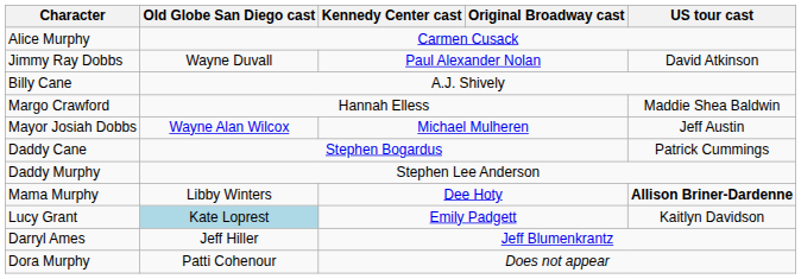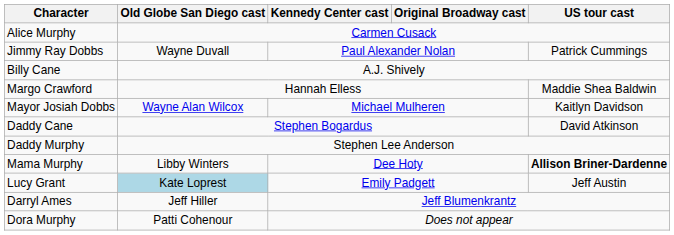 <table class="wikitable">
 <tr>
 <th>Character</th>
 <th>Old Globe San Diego cast</th>
 <th>Kennedy Center cast</th>
 <th>Original Broadway cast</th>
 <th>US tour cast</th>
 </tr>
 <tr>
 <td>Alice Murphy</td>
 <td colspan="4" align=center><a href='#'>Carmen Cusack</a></td>
 </tr>
 <tr>
 <td>Jimmy Ray Dobbs</td>
 <td align=center>Wayne Duvall</td>
 <td colspan="2" align="center"><a href='#'>Paul Alexander Nolan</a></td>
-<td align=center>David Atkinson</td>
+<td align="center">Patrick Cummings</td>
 </tr>
 <tr>
 <td>Billy Cane</td>
 <td colspan="4" align=center>A.J. Shively</td>
 </tr>
 <tr>
 <td>Margo Crawford</td>
 <td colspan="3" align="center">Hannah Elless</td>
 <td align="center">Maddie Shea Baldwin</td>
 </tr>
 <tr>
 <td>Mayor Josiah Dobbs</td>
 <td align="center"><a href='#'>Wayne Alan Wilcox</a></td>
 <td colspan="2" align=center><a href='#'>Michael Mulheren</a></td>
-<td align=center>Jeff Austin</td>
+<td align=center>Kaitlyn Davidson</td>
 </tr>
 <tr>
 <td>Daddy Cane</td>
 <td colspan="3" align=center><a href='#'>Stephen Bogardus</a></td>
-<td align="center">Patrick Cummings</td>
+<td align=center>David Atkinson</td>
 </tr>
 <tr>
 <td>Daddy Murphy</td>
 <td colspan="4" align="center">Stephen Lee Anderson</td>
 </tr>
 <tr>
 <td>Mama Murphy</td>
 <td align="center">Libby Winters</td>
 <td colspan="2" align=center><a href='#'>Dee Hoty</a></td>
 <td align=center><strong>Allison Briner-Dardenne</strong></td>
 </tr>
 <tr>
 <td>Lucy Grant</td>
 <td align=center style="background: lightblue;">Kate Loprest</td>
 <td colspan="2" align="center"><a href='#'>Emily Padgett</a></td>
-<td align=center>Kaitlyn Davidson</td>
+<td align=center>Jeff Austin</td>
 </tr>
 <tr>
 <td>Darryl Ames</td>
 <td align=center>Jeff Hiller</td>
 <td colspan="3" align="center"><a href='#'>Jeff Blumenkrantz</a></td>
 </tr>
 <tr>
 <td>Dora Murphy</td>
 <td align=center>Patti Cohenour</td>
 <td colspan="3" align="center"><em>Does not appear</em></td>
 </tr>
 </table>
